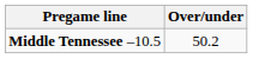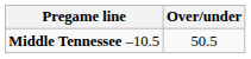 <table class="wikitable">
 <tr align="center">
 <th>Pregame line</th>
 <th>Over/under</th>
 </tr>
 <tr align="center">
 <td><strong>Middle Tennessee</strong> –10.5</td>
-<td>50.2</td>
+<td>50.5</td>
 </tr>
 </table>
